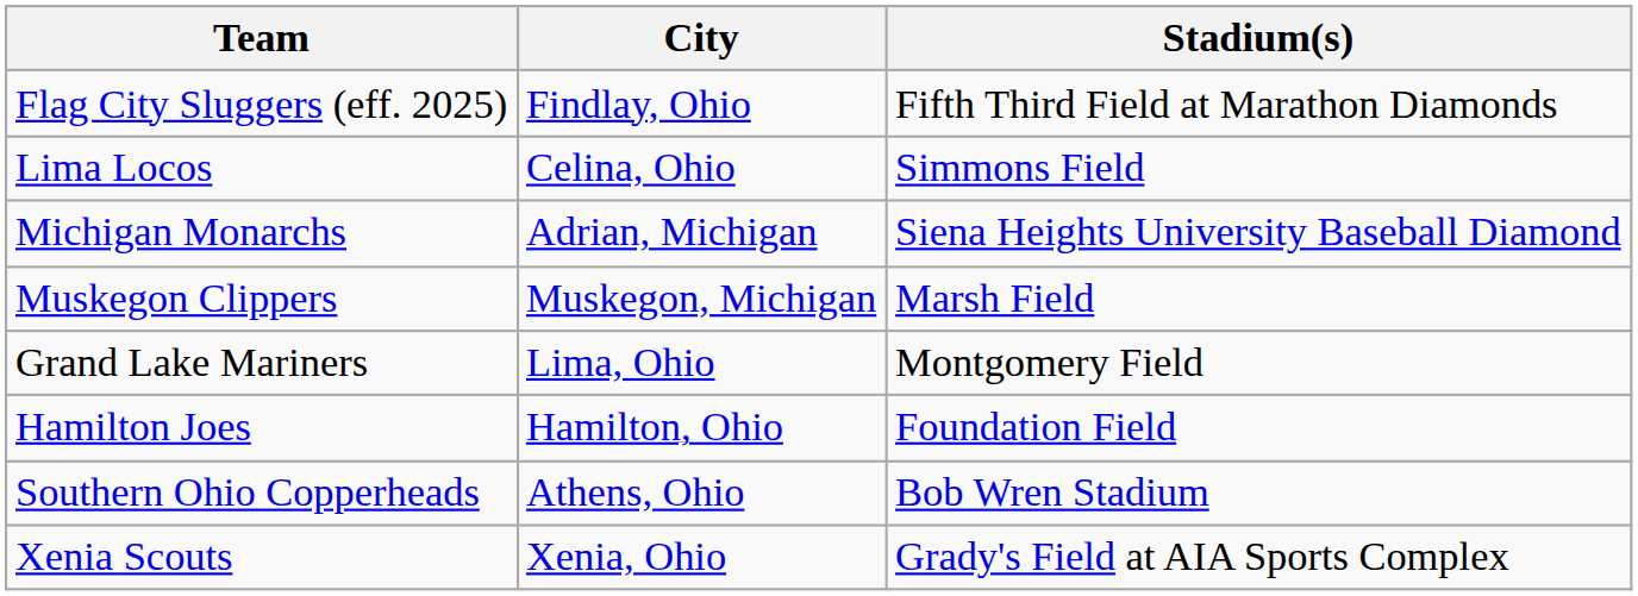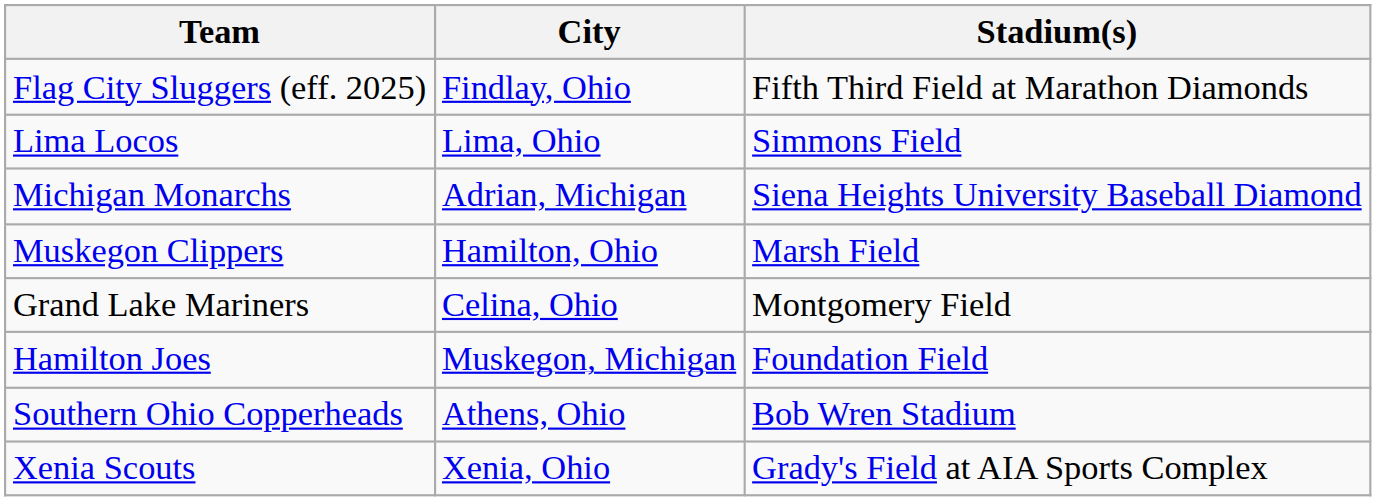 <table class="wikitable">
 <tr>
 <th><strong>Team</strong></th>
 <th><strong>City</strong></th>
 <th colspan="3"><strong>Stadium(s)</strong></th>
 </tr>
 <tr>
 <td><a href='#'>Flag City Sluggers</a> (eff. 2025)</td>
 <td><a href='#'>Findlay, Ohio</a></td>
 <td colspan="3">Fifth Third Field at Marathon Diamonds</td>
 </tr>
 <tr>
 <td><a href='#'>Lima Locos</a></td>
-<td><a href='#'>Celina, Ohio</a></td>
+<td><a href='#'>Lima, Ohio</a></td>
 <td colspan="3"><a href='#'>Simmons Field</a></td>
 </tr>
 <tr>
 <td><a href='#'>Michigan Monarchs</a></td>
 <td><a href='#'>Adrian, Michigan</a></td>
 <td colspan="3"><a href='#'>Siena Heights University Baseball Diamond</a></td>
 </tr>
 <tr>
 <td><a href='#'>Muskegon Clippers</a></td>
-<td><a href='#'>Muskegon, Michigan</a></td>
+<td><a href='#'>Hamilton, Ohio</a></td>
 <td colspan="3"><a href='#'>Marsh Field</a></td>
 </tr>
 <tr>
 <td>Grand Lake Mariners</td>
-<td><a href='#'>Lima, Ohio</a></td>
+<td><a href='#'>Celina, Ohio</a></td>
 <td colspan="3">Montgomery Field</td>
 </tr>
 <tr>
 <td><a href='#'>Hamilton Joes</a></td>
-<td><a href='#'>Hamilton, Ohio</a></td>
+<td><a href='#'>Muskegon, Michigan</a></td>
 <td colspan="3"><a href='#'>Foundation Field</a></td>
 </tr>
 <tr>
 <td><a href='#'>Southern Ohio Copperheads</a></td>
 <td><a href='#'>Athens, Ohio</a></td>
 <td colspan="3"><a href='#'>Bob Wren Stadium</a></td>
 </tr>
 <tr>
 <td><a href='#'>Xenia Scouts</a></td>
 <td><a href='#'>Xenia, Ohio</a></td>
 <td colspan="3"><a href='#'>Grady's Field</a> at AIA Sports Complex</td>
 </tr>
 </table>
